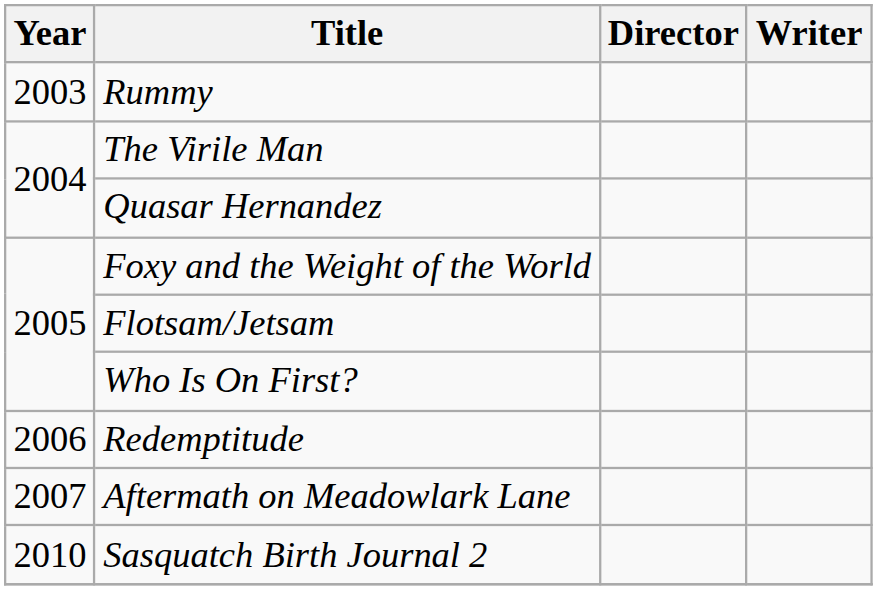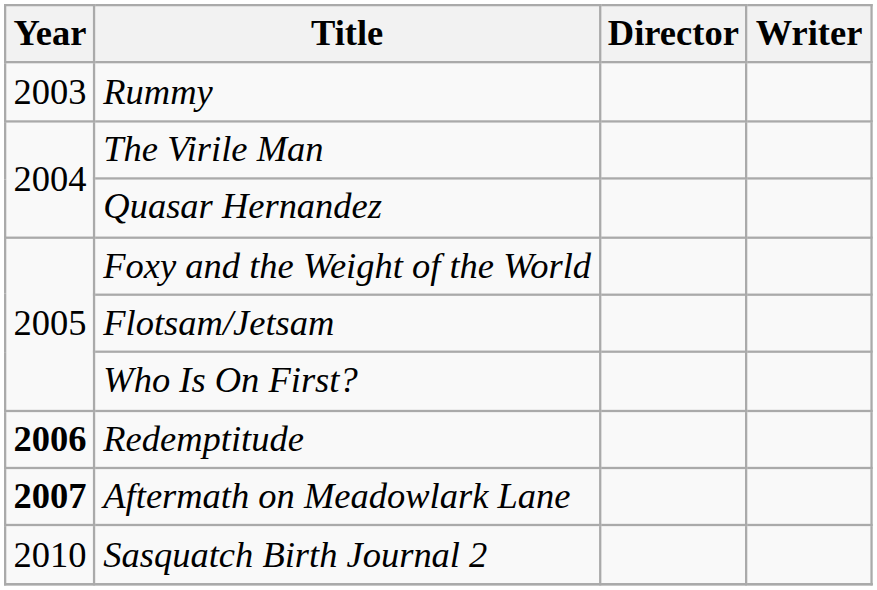 <table class="wikitable">
 <tr>
 <th>Year</th>
 <th>Title</th>
 <th>Director</th>
 <th>Writer</th>
 </tr>
 <tr>
 <td>2003</td>
 <td><em>Rummy</em></td>
 <td></td>
 <td></td>
 </tr>
 <tr>
 <td rowspan=2>2004</td>
 <td><em>The Virile Man</em></td>
 <td></td>
 <td></td>
 </tr>
 <tr>
 <td><em>Quasar Hernandez</em></td>
 <td></td>
 <td></td>
 </tr>
 <tr>
 <td rowspan=3>2005</td>
 <td><em>Foxy and the Weight of the World</em></td>
 <td></td>
 <td></td>
 </tr>
 <tr>
 <td><em>Flotsam/Jetsam</em></td>
 <td></td>
 <td></td>
 </tr>
 <tr>
 <td><em>Who Is On First?</em></td>
 <td></td>
 <td></td>
 </tr>
 <tr>
-<td>2006</td>
+<td><strong>2006</strong></td>
 <td><em>Redemptitude</em></td>
 <td></td>
 <td></td>
 </tr>
 <tr>
-<td>2007</td>
+<td><strong>2007</strong></td>
 <td><em>Aftermath on Meadowlark Lane</em></td>
 <td></td>
 <td></td>
 </tr>
 <tr>
 <td>2010</td>
 <td><em>Sasquatch Birth Journal 2</em></td>
 <td></td>
 <td></td>
 </tr>
 <tr>
 </tr>
 </table>
